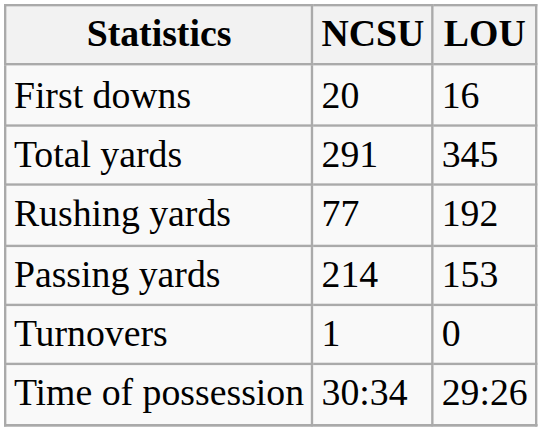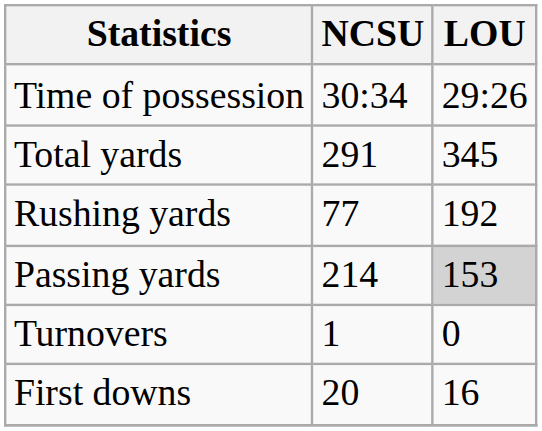 <table class="wikitable">
 <tr>
 <th>Statistics</th>
 <th>NCSU</th>
 <th>LOU</th>
 </tr>
 <tr>
-<td>First downs</td>
-<td>20</td>
-<td>16</td>
+<td>Time of possession</td>
+<td>30:34</td>
+<td>29:26</td>
 </tr>
 <tr>
 <td>Total yards</td>
 <td>291</td>
 <td>345</td>
 </tr>
 <tr>
 <td>Rushing yards</td>
 <td>77</td>
 <td>192</td>
 </tr>
 <tr>
 <td>Passing yards</td>
 <td>214</td>
-<td>153</td>
+<td style="background: lightgrey;">153</td>
 </tr>
 <tr>
 <td>Turnovers</td>
 <td>1</td>
 <td>0</td>
 </tr>
 <tr>
-<td>Time of possession</td>
-<td>30:34</td>
-<td>29:26</td>
+<td>First downs</td>
+<td>20</td>
+<td>16</td>
 </tr>
 <tr>
 </tr>
 </table>
